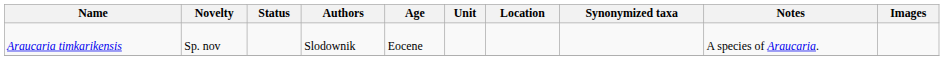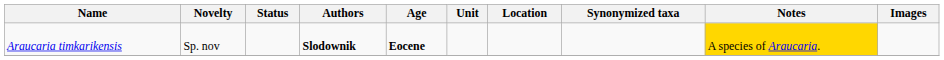 <table class="wikitable sortable" align="center" width="100%">
 <tr>
 <th>Name</th>
 <th>Novelty</th>
 <th>Status</th>
 <th>Authors</th>
 <th>Age</th>
 <th>Unit</th>
 <th>Location</th>
 <th>Synonymized taxa</th>
 <th>Notes</th>
 <th>Images</th>
 </tr>
 <tr>
 <td><br><em><a href='#'>Araucaria timkarikensis</a></em></td>
 <td><br>Sp. nov</td>
 <td></td>
-<td><br>Slodownik</td>
-<td><br>Eocene</td>
+<td><strong><br>Slodownik</strong></td>
+<td><strong><br>Eocene</strong></td>
 <td></td>
 <td><br></td>
 <td></td>
-<td><br>A species of <em><a href='#'>Araucaria</a></em>.</td>
+<td style="background: gold;"><br>A species of <em><a href='#'>Araucaria</a></em>.</td>
 <td></td>
 </tr>
 <tr>
 </tr>
 </table>
